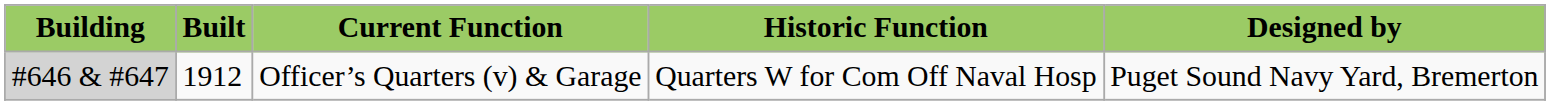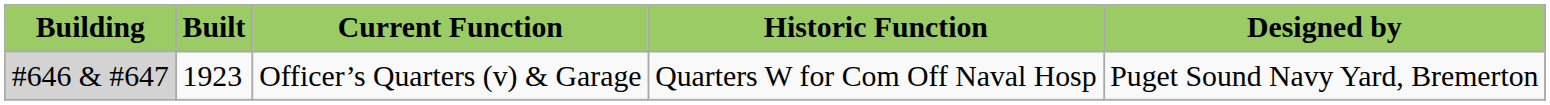 <table class="wikitable">
 <tr>
 <th style="background:#9BCB65">Building</th>
 <th style="background:#9BCB65">Built</th>
 <th style="background:#9BCB65">Current Function</th>
 <th style="background:#9BCB65">Historic Function</th>
 <th style="background:#9BCB65">Designed by</th>
 </tr>
 <tr>
 <td style="background: lightgrey;">#646 & #647</td>
-<td>1912</td>
+<td>1923</td>
 <td>Officer’s Quarters (v) & Garage</td>
 <td>Quarters W for Com Off Naval Hosp</td>
 <td>Puget Sound Navy Yard, Bremerton</td>
 </tr>
 </table>
